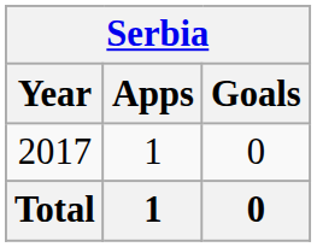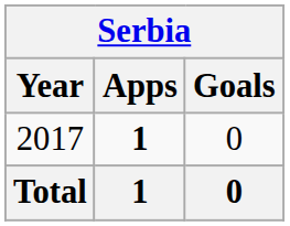 <table class="wikitable" style="text-align:center">
 <tr>
 <th colspan="3"><a href='#'>Serbia</a></th>
 </tr>
 <tr>
 <th>Year</th>
 <th>Apps</th>
 <th>Goals</th>
 </tr>
 <tr>
 <td>2017</td>
-<td>1</td>
+<td><strong>1</strong></td>
 <td>0</td>
 </tr>
 <tr>
 <th>Total</th>
 <th>1</th>
 <th>0</th>
 </tr>
 </table>
